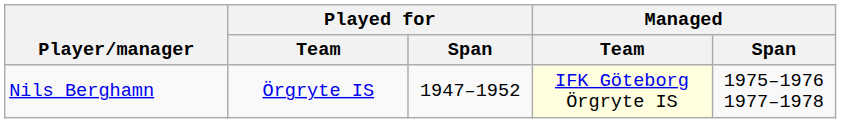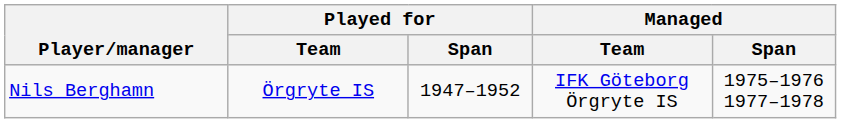 <table class="wikitable" style="text-align: center">
 <tr>
 <th rowspan="2" valign="bottom" width="150">Player/manager</th>
 <th colspan="2">Played for</th>
 <th colspan="2">Managed</th>
 </tr>
 <tr>
 <th width="120">Team</th>
 <th width="80">Span</th>
 <th width="120">Team</th>
 <th width="80">Span</th>
 </tr>
 <tr>
 <td align="left"><a href='#'>Nils Berghamn</a></td>
 <td><a href='#'>Örgryte IS</a></td>
 <td>1947–1952</td>
-<td style="background: lightyellow;"><a href='#'>IFK Göteborg</a><br>Örgryte IS</td>
+<td><a href='#'>IFK Göteborg</a><br>Örgryte IS</td>
 <td>1975–1976<br>1977–1978</td>
 </tr>
 </table>
